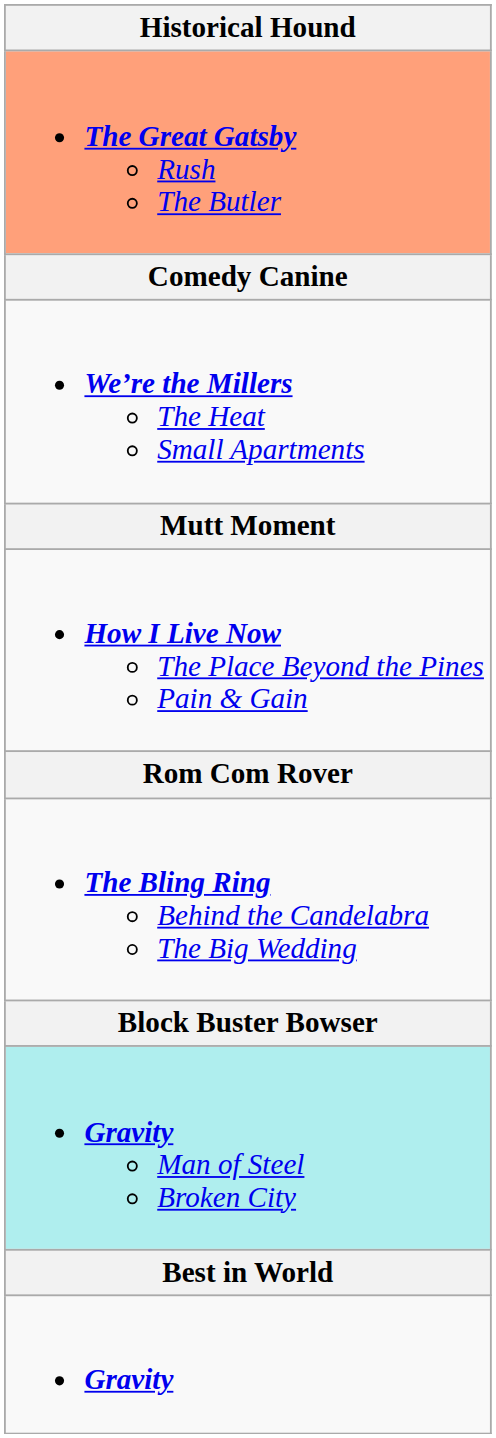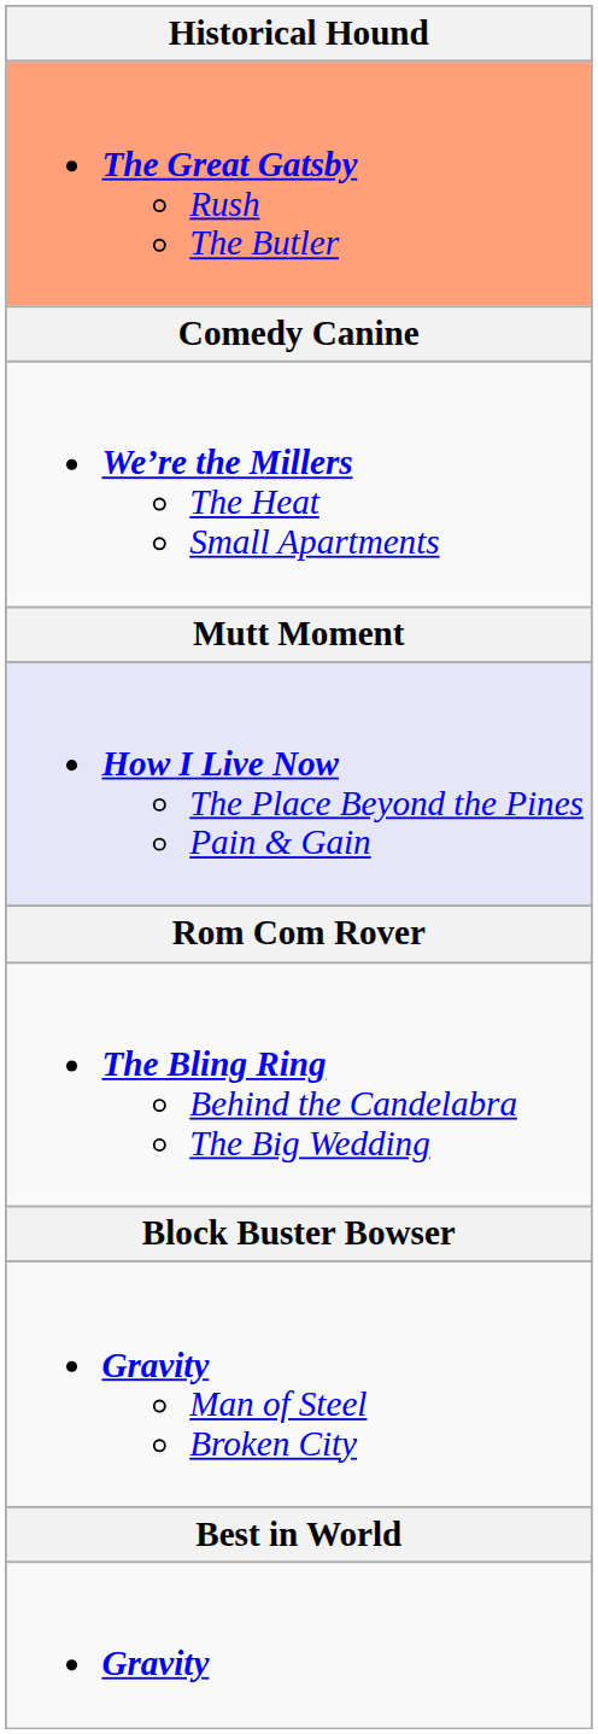 <table class="wikitable">
 <tr>
 <th><strong>Historical Hound</strong></th>
 </tr>
 <tr>
 <td style="background: lightsalmon;"><br><ul><li><strong><a href='#'><em>The Great Gatsby</em></a></strong><ul><li><a href='#'><em>Rush</em></a></li><li><em><a href='#'>The Butler</a></em></li></ul></li></ul></td>
 </tr>
 <tr>
 <th>Comedy Canine</th>
 </tr>
 <tr>
 <td><br><ul><li><strong><a href='#'><em>We’re the Millers</em></a></strong><ul><li><a href='#'><em>The Heat</em></a></li><li><em><a href='#'>Small Apartments</a></em></li></ul></li></ul></td>
 </tr>
 <tr>
 <th>Mutt Moment</th>
 </tr>
 <tr>
-<td><br><ul><li><a href='#'><strong><em>How I Live Now</em></strong></a><ul><li><em><a href='#'>The Place Beyond the Pines</a></em></li><li><em><a href='#'>Pain & Gain</a></em></li></ul></li></ul></td>
+<td style="background: lavender;"><br><ul><li><a href='#'><strong><em>How I Live Now</em></strong></a><ul><li><em><a href='#'>The Place Beyond the Pines</a></em></li><li><em><a href='#'>Pain & Gain</a></em></li></ul></li></ul></td>
 </tr>
 <tr>
 <th>Rom Com Rover</th>
 </tr>
 <tr>
 <td><br><ul><li><strong><em><a href='#'>The Bling Ring</a></em></strong><ul><li><em><a href='#'>Behind the Candelabra</a></em></li><li><em><a href='#'>The Big Wedding</a></em></li></ul></li></ul></td>
 </tr>
 <tr>
 <th>Block Buster Bowser</th>
 </tr>
 <tr>
-<td style="background: paleturquoise;"><br><ul><li><strong><a href='#'><em>Gravity</em></a></strong><ul><li><a href='#'><em>Man of Steel</em></a></li><li><em><a href='#'>Broken City</a></em></li></ul></li></ul></td>
+<td><br><ul><li><strong><a href='#'><em>Gravity</em></a></strong><ul><li><a href='#'><em>Man of Steel</em></a></li><li><em><a href='#'>Broken City</a></em></li></ul></li></ul></td>
 </tr>
 <tr>
 <th>Best in World</th>
 </tr>
 <tr>
 <td><br><ul><li><strong><a href='#'><em>Gravity</em></a></strong></li></ul></td>
 </tr>
 </table>
